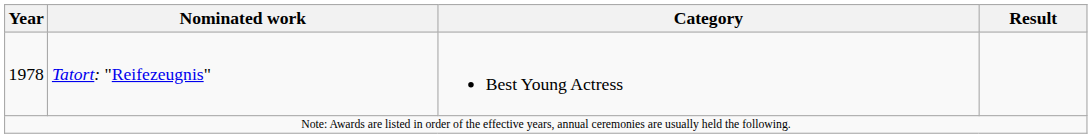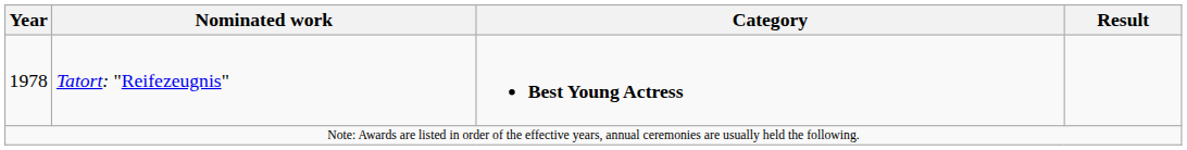 <table class=wikitable>
 <tr>
 <th width=4%>Year</th>
 <th width=36%>Nominated work</th>
 <th width=50%>Category</th>
 <th width=10%>Result</th>
 </tr>
 <tr>
 <td>1978</td>
 <td><em><a href='#'>Tatort</a>:</em> "<a href='#'>Reifezeugnis</a>"</td>
-<td><br><ul><li>Best Young Actress</li></ul></td>
+<td><strong><br><ul><li>Best Young Actress</li></ul></strong></td>
 <td></td>
 </tr>
 <tr>
 <td colspan=4 width=100% style=font-size:8pt align=center>Note: Awards are listed in order of the effective years, annual ceremonies are usually held the following.</td>
 </tr>
 </table>
